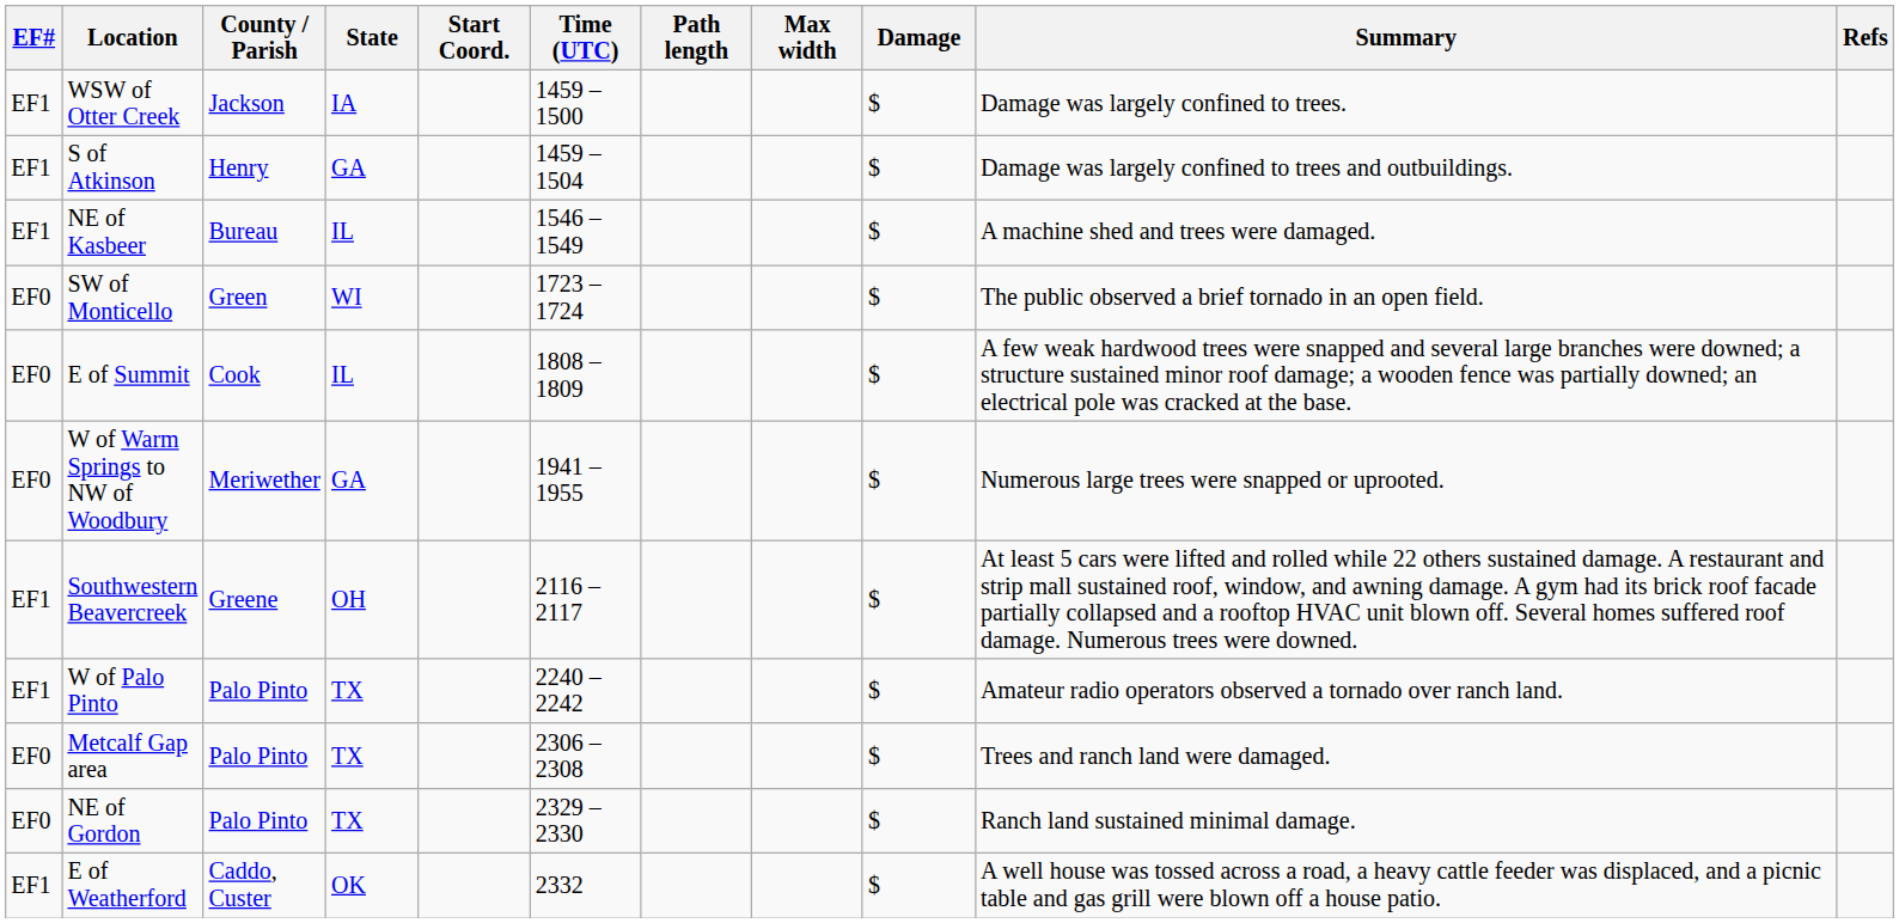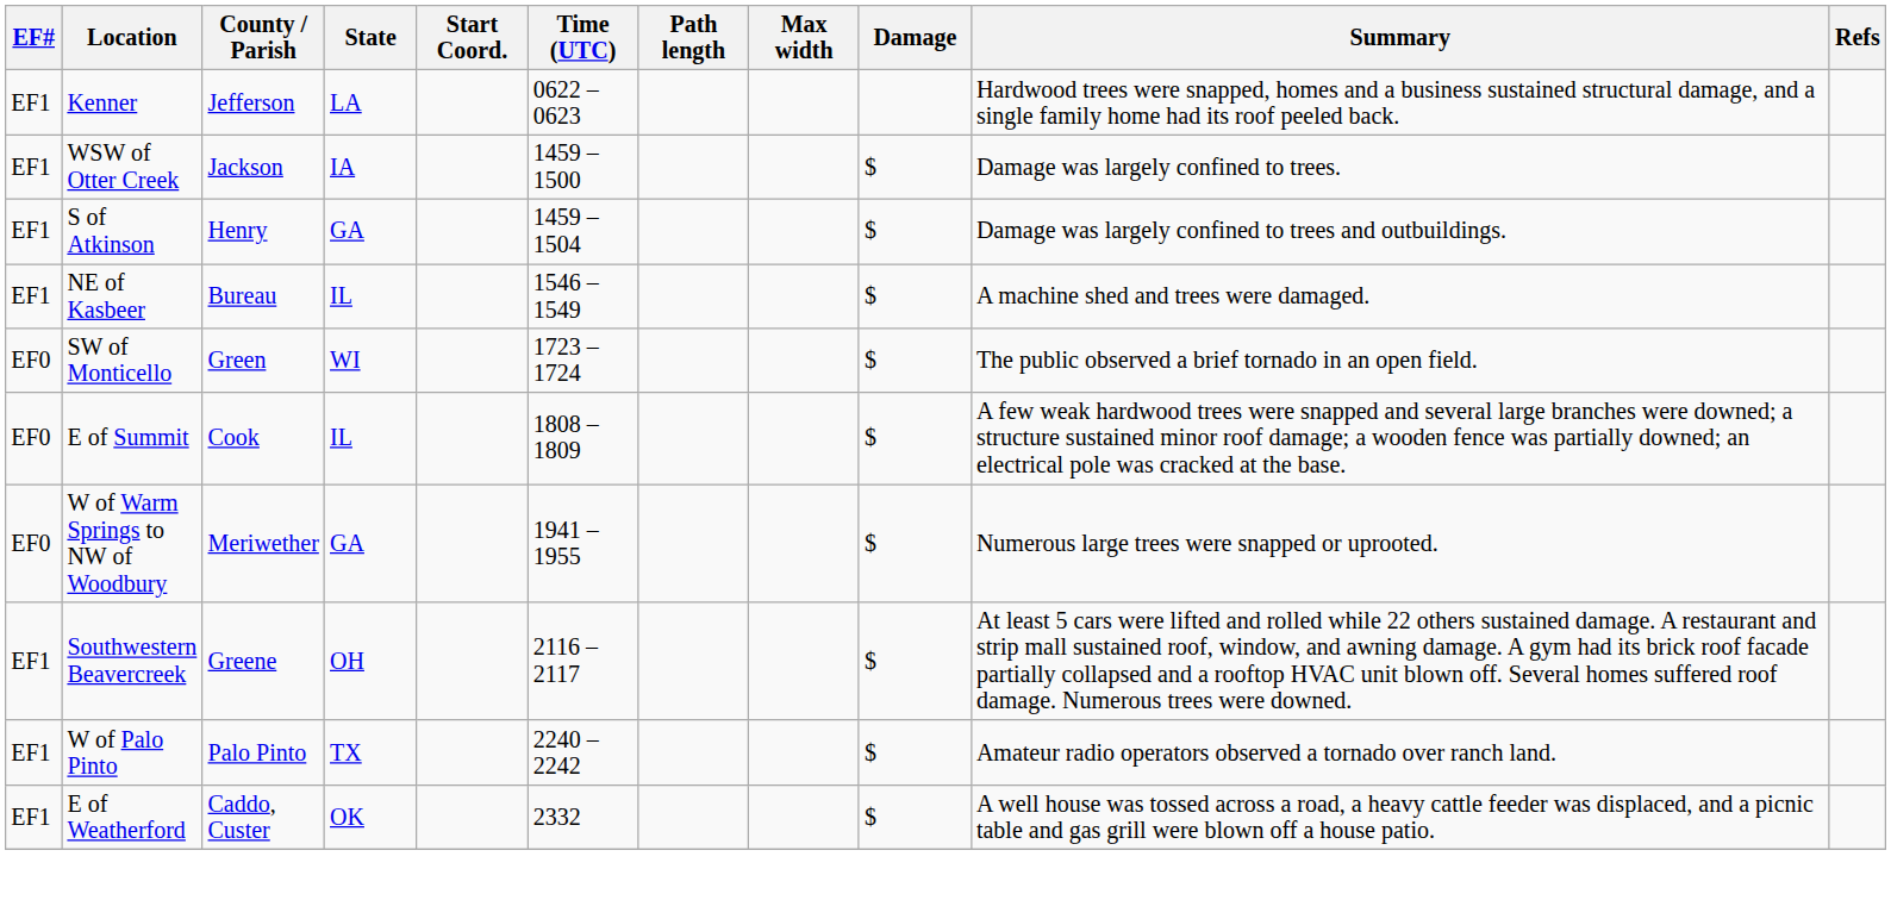 <table class="wikitable sortable" style="width:100%;">
 <tr>
 <th scope="col" width="3%" align="center"><a href='#'>EF#</a></th>
 <th scope="col" width="7%" align="center" class="unsortable">Location</th>
 <th scope="col" width="6%" align="center" class="unsortable">County / Parish</th>
 <th scope="col" width="5%" align="center">State</th>
 <th scope="col" width="6%" align="center">Start Coord.</th>
 <th scope="col" width="6%" align="center">Time (<a href='#'>UTC</a>)</th>
 <th scope="col" width="6%" align="center">Path length</th>
 <th scope="col" width="6%" align="center">Max width</th>
 <th scope="col" width="6%" align="center">Damage</th>
 <th scope="col" width="48%" class="unsortable" align="center">Summary</th>
 <th scope="col" width="48%" class="unsortable" align="center">Refs</th>
+</tr>
+<tr>
+<td>EF1</td>
+<td><a href='#'>Kenner</a></td>
+<td><a href='#'>Jefferson</a></td>
+<td><a href='#'>LA</a></td>
+<td></td>
+<td>0622 – 0623</td>
+<td></td>
+<td></td>
+<td></td>
+<td>Hardwood trees were snapped, homes and a business sustained structural damage, and a single family home had its roof peeled back.</td>
+<td></td>
 </tr>
 <tr>
 <td>EF1</td>
 <td>WSW of <a href='#'>Otter Creek</a></td>
 <td><a href='#'>Jackson</a></td>
 <td><a href='#'>IA</a></td>
 <td></td>
 <td>1459 – 1500</td>
 <td></td>
 <td></td>
 <td>$</td>
 <td>Damage was largely confined to trees.</td>
 <td></td>
 </tr>
 <tr>
 <td>EF1</td>
 <td>S of <a href='#'>Atkinson</a></td>
 <td><a href='#'>Henry</a></td>
 <td><a href='#'>GA</a></td>
 <td></td>
 <td>1459 – 1504</td>
 <td></td>
 <td></td>
 <td>$</td>
 <td>Damage was largely confined to trees and outbuildings.</td>
 <td></td>
 </tr>
 <tr>
 <td>EF1</td>
 <td>NE of <a href='#'>Kasbeer</a></td>
 <td><a href='#'>Bureau</a></td>
 <td><a href='#'>IL</a></td>
 <td></td>
 <td>1546 – 1549</td>
 <td></td>
 <td></td>
 <td>$</td>
 <td>A machine shed and trees were damaged.</td>
 <td></td>
 </tr>
 <tr>
 <td>EF0</td>
 <td>SW of <a href='#'>Monticello</a></td>
 <td><a href='#'>Green</a></td>
 <td><a href='#'>WI</a></td>
 <td></td>
 <td>1723 – 1724</td>
 <td></td>
 <td></td>
 <td>$</td>
 <td>The public observed a brief tornado in an open field.</td>
 <td></td>
 </tr>
 <tr>
 <td>EF0</td>
 <td>E of <a href='#'>Summit</a></td>
 <td><a href='#'>Cook</a></td>
 <td><a href='#'>IL</a></td>
 <td></td>
 <td>1808 – 1809</td>
 <td></td>
 <td></td>
 <td>$</td>
 <td>A few weak hardwood trees were snapped and several large branches were downed; a structure sustained minor roof damage; a wooden fence was partially downed; an electrical pole was cracked at the base.</td>
 <td></td>
 </tr>
 <tr>
 <td>EF0</td>
 <td>W of <a href='#'>Warm Springs</a> to NW of <a href='#'>Woodbury</a></td>
 <td><a href='#'>Meriwether</a></td>
 <td><a href='#'>GA</a></td>
 <td></td>
 <td>1941 – 1955</td>
 <td></td>
 <td></td>
 <td>$</td>
 <td>Numerous large trees were snapped or uprooted.</td>
 <td></td>
 </tr>
 <tr>
 <td>EF1</td>
 <td><a href='#'>Southwestern Beavercreek</a></td>
 <td><a href='#'>Greene</a></td>
 <td><a href='#'>OH</a></td>
 <td></td>
 <td>2116 – 2117</td>
 <td></td>
 <td></td>
 <td>$</td>
 <td>At least 5 cars were lifted and rolled while 22 others sustained damage. A restaurant and strip mall sustained roof, window, and awning damage. A gym had its brick roof facade partially collapsed and a rooftop HVAC unit blown off. Several homes suffered roof damage. Numerous trees were downed.</td>
 <td></td>
 </tr>
 <tr>
 <td>EF1</td>
 <td>W of <a href='#'>Palo Pinto</a></td>
 <td><a href='#'>Palo Pinto</a></td>
 <td><a href='#'>TX</a></td>
 <td></td>
 <td>2240 – 2242</td>
 <td></td>
 <td></td>
 <td>$</td>
 <td>Amateur radio operators observed a tornado over ranch land.</td>
 <td></td>
 </tr>
 <tr>
-<td>EF0</td>
-<td><a href='#'>Metcalf Gap</a> area</td>
-<td><a href='#'>Palo Pinto</a></td>
-<td><a href='#'>TX</a></td>
-<td></td>
-<td>2306 – 2308</td>
-<td></td>
-<td></td>
-<td>$</td>
-<td>Trees and ranch land were damaged.</td>
-<td></td>
-</tr>
-<tr>
-<td>EF0</td>
-<td>NE of <a href='#'>Gordon</a></td>
-<td><a href='#'>Palo Pinto</a></td>
-<td><a href='#'>TX</a></td>
-<td></td>
-<td>2329 – 2330</td>
-<td></td>
-<td></td>
-<td>$</td>
-<td>Ranch land sustained minimal damage.</td>
-<td></td>
-</tr>
-<tr>
 <td>EF1</td>
 <td>E of <a href='#'>Weatherford</a></td>
 <td><a href='#'>Caddo</a>, <a href='#'>Custer</a></td>
 <td><a href='#'>OK</a></td>
 <td></td>
 <td>2332</td>
 <td></td>
 <td></td>
 <td>$</td>
 <td>A well house was tossed across a road, a heavy cattle feeder was displaced, and a picnic table and gas grill were blown off a house patio.</td>
 <td></td>
 </tr>
 <tr>
 </tr>
 </table>
